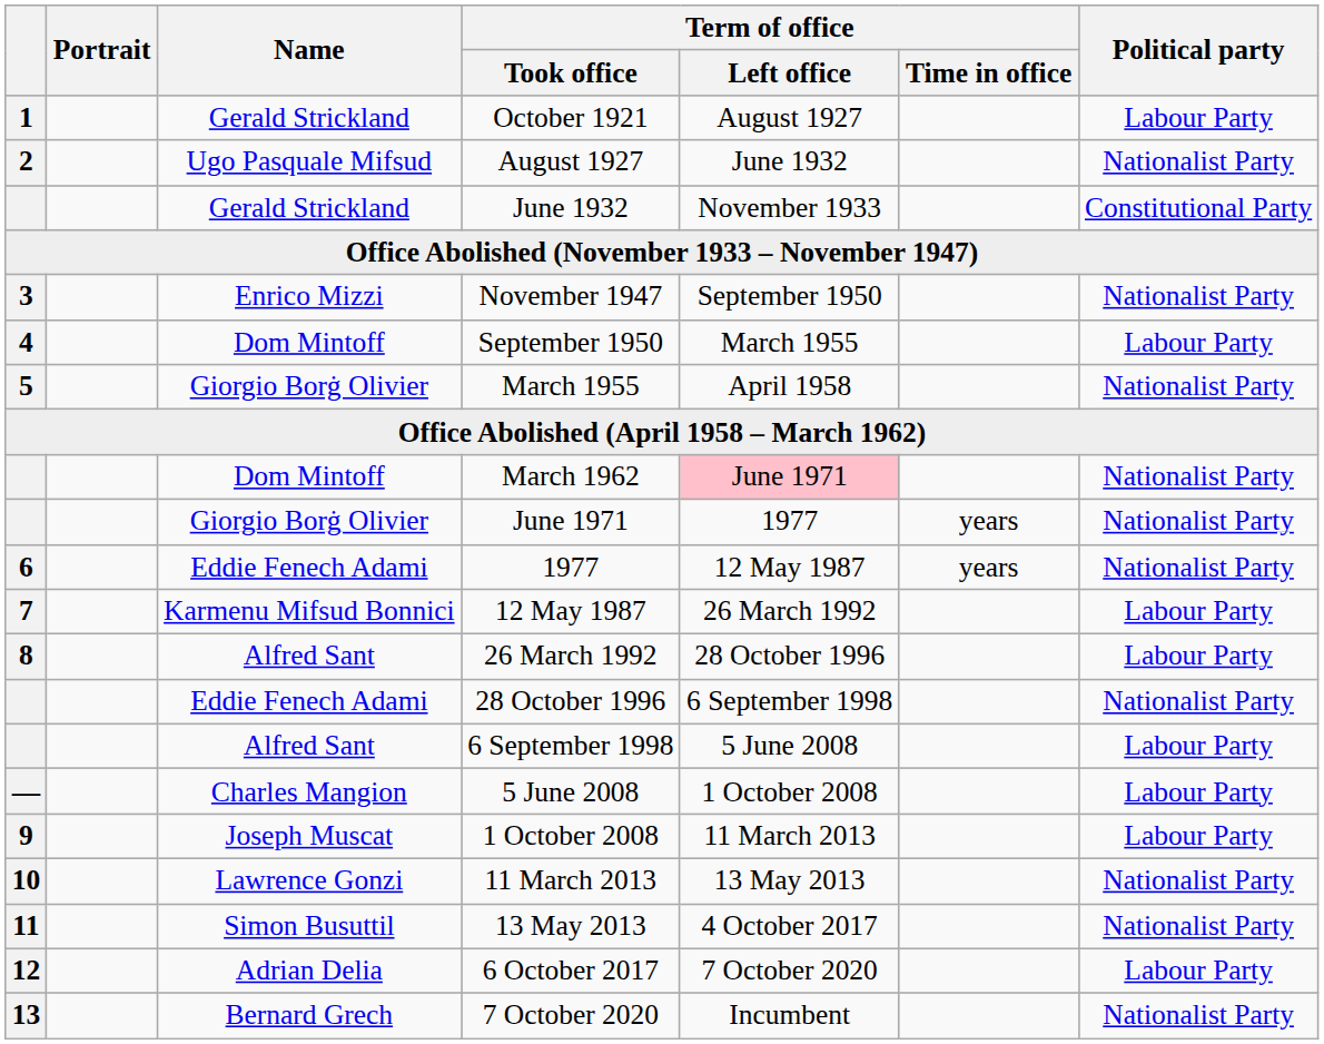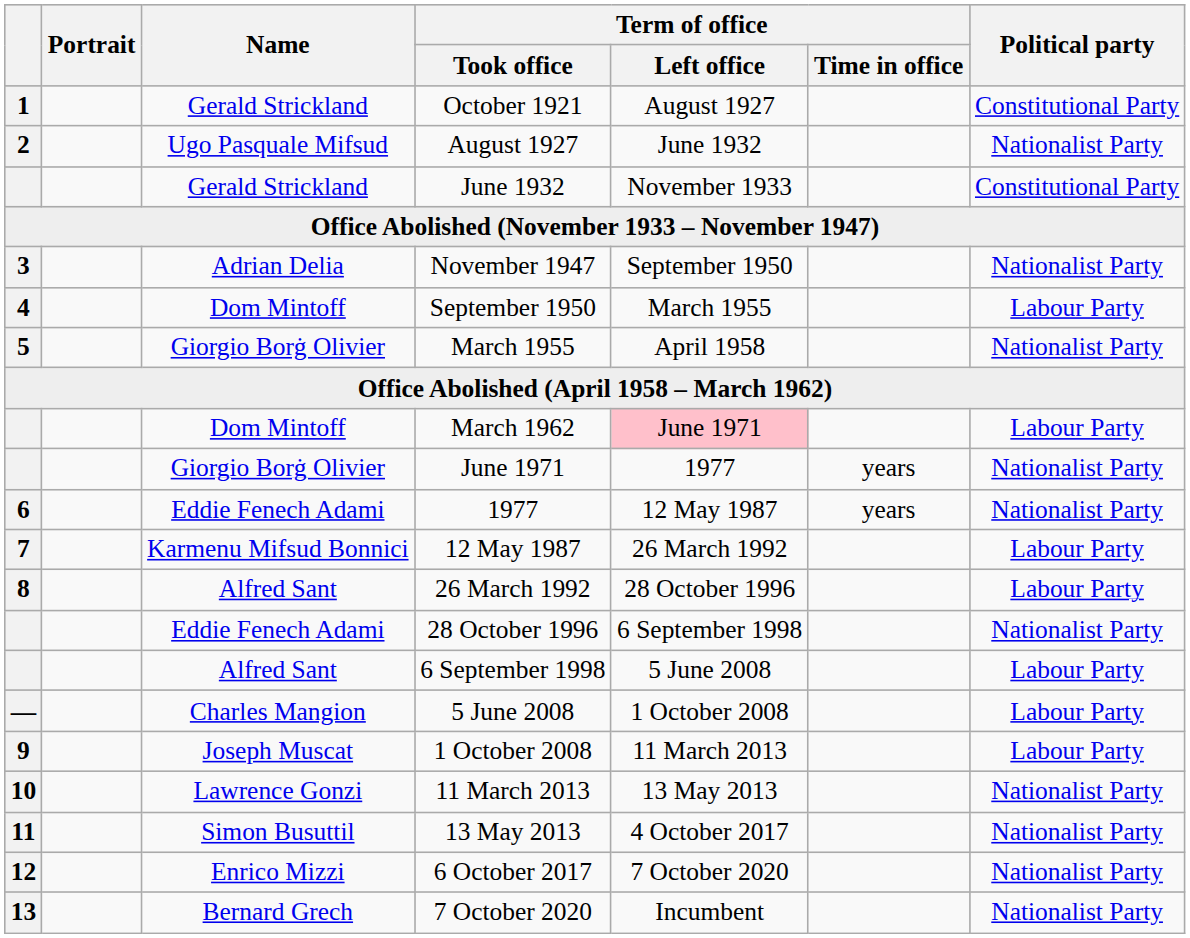 <table class="wikitable" style="text-align:center">
 <tr>
 <th rowspan=2></th>
 <th rowspan=2>Portrait</th>
 <th rowspan=2>Name<br></th>
 <th colspan=3>Term of office</th>
 <th rowspan=2>Political party</th>
 </tr>
 <tr>
 <th>Took office</th>
 <th>Left office</th>
 <th>Time in office</th>
 </tr>
 <tr>
 <th style="background:">1</th>
 <td></td>
 <td><a href='#'>Gerald Strickland</a><br></td>
 <td>October 1921</td>
 <td>August 1927</td>
 <td></td>
-<td><a href='#'>Labour Party</a></td>
+<td><a href='#'>Constitutional Party</a></td>
 </tr>
 <tr>
 <th style="background:">2</th>
 <td></td>
 <td><a href='#'>Ugo Pasquale Mifsud</a><br></td>
 <td>August 1927</td>
 <td>June 1932</td>
 <td></td>
 <td><a href='#'>Nationalist Party</a></td>
 </tr>
 <tr>
 <th style="background:"></th>
 <td></td>
 <td><a href='#'>Gerald Strickland</a><br></td>
 <td>June 1932</td>
 <td>November 1933</td>
 <td></td>
 <td><a href='#'>Constitutional Party</a></td>
 </tr>
 <tr style="background:#eee;">
 <td colspan=7><strong>Office Abolished (November 1933 – November 1947)</strong></td>
 </tr>
 <tr>
 <th style="background:">3</th>
 <td></td>
-<td><a href='#'>Enrico Mizzi</a><br></td>
+<td><a href='#'>Adrian Delia</a><br></td>
 <td>November 1947</td>
 <td>September 1950</td>
 <td></td>
 <td><a href='#'>Nationalist Party</a></td>
 </tr>
 <tr>
 <th style="background:">4</th>
 <td></td>
 <td><a href='#'>Dom Mintoff</a><br></td>
 <td>September 1950</td>
 <td>March 1955</td>
 <td></td>
 <td><a href='#'>Labour Party</a></td>
 </tr>
 <tr>
 <th style="background:">5</th>
 <td></td>
 <td><a href='#'>Giorgio Borġ Olivier</a><br></td>
 <td>March 1955</td>
 <td>April 1958</td>
 <td></td>
 <td><a href='#'>Nationalist Party</a></td>
 </tr>
 <tr style="background:#eee;">
 <td colspan=7><strong>Office Abolished (April 1958 – March 1962)</strong></td>
 </tr>
 <tr>
 <th style="background:"></th>
 <td></td>
 <td><a href='#'>Dom Mintoff</a><br></td>
 <td>March 1962</td>
 <td style="background: pink;">June 1971</td>
 <td></td>
-<td><a href='#'>Nationalist Party</a></td>
+<td><a href='#'>Labour Party</a></td>
 </tr>
 <tr>
 <th style="background:"></th>
 <td></td>
 <td><a href='#'>Giorgio Borġ Olivier</a><br></td>
 <td>June 1971</td>
 <td>1977</td>
 <td> years</td>
 <td><a href='#'>Nationalist Party</a></td>
 </tr>
 <tr>
 <th style="background:">6</th>
 <td></td>
 <td><a href='#'>Eddie Fenech Adami</a><br></td>
 <td>1977</td>
 <td>12 May 1987</td>
 <td> years</td>
 <td><a href='#'>Nationalist Party</a></td>
 </tr>
 <tr>
 <th style="background:">7</th>
 <td></td>
 <td><a href='#'>Karmenu Mifsud Bonnici</a><br></td>
 <td>12 May 1987</td>
 <td>26 March 1992</td>
 <td></td>
 <td><a href='#'>Labour Party</a></td>
 </tr>
 <tr>
 <th style="background:">8</th>
 <td></td>
 <td><a href='#'>Alfred Sant</a><br></td>
 <td>26 March 1992</td>
 <td>28 October 1996</td>
 <td></td>
 <td><a href='#'>Labour Party</a></td>
 </tr>
 <tr>
 <th style="background:"></th>
 <td></td>
 <td><a href='#'>Eddie Fenech Adami</a><br></td>
 <td>28 October 1996</td>
 <td>6 September 1998</td>
 <td></td>
 <td><a href='#'>Nationalist Party</a></td>
 </tr>
 <tr>
 <th style="background:"></th>
 <td></td>
 <td><a href='#'>Alfred Sant</a><br></td>
 <td>6 September 1998</td>
 <td>5 June 2008</td>
 <td></td>
 <td><a href='#'>Labour Party</a></td>
 </tr>
 <tr>
 <th style="background:">—</th>
 <td></td>
 <td><a href='#'>Charles Mangion</a><br></td>
 <td>5 June 2008</td>
 <td>1 October 2008</td>
 <td></td>
 <td><a href='#'>Labour Party</a></td>
 </tr>
 <tr>
 <th style="background:">9</th>
 <td></td>
 <td><a href='#'>Joseph Muscat</a><br></td>
 <td>1 October 2008</td>
 <td>11 March 2013</td>
 <td></td>
 <td><a href='#'>Labour Party</a></td>
 </tr>
 <tr>
 <th style="background:">10</th>
 <td></td>
 <td><a href='#'>Lawrence Gonzi</a><br></td>
 <td>11 March 2013</td>
 <td>13 May 2013</td>
 <td></td>
 <td><a href='#'>Nationalist Party</a></td>
 </tr>
 <tr>
 <th style="background:">11</th>
 <td></td>
 <td><a href='#'>Simon Busuttil</a><br></td>
 <td>13 May 2013</td>
 <td>4 October 2017</td>
 <td></td>
 <td><a href='#'>Nationalist Party</a></td>
 </tr>
 <tr>
 <th style="background:">12</th>
 <td></td>
-<td><a href='#'>Adrian Delia</a><br></td>
+<td><a href='#'>Enrico Mizzi</a><br></td>
 <td>6 October 2017</td>
 <td>7 October 2020</td>
 <td></td>
-<td><a href='#'>Labour Party</a></td>
+<td><a href='#'>Nationalist Party</a></td>
 </tr>
 <tr>
 <th style="background:">13</th>
 <td></td>
 <td><a href='#'>Bernard Grech</a><br></td>
 <td>7 October 2020</td>
 <td>Incumbent</td>
 <td></td>
 <td><a href='#'>Nationalist Party</a></td>
 </tr>
 </table>
